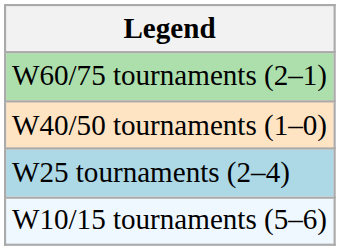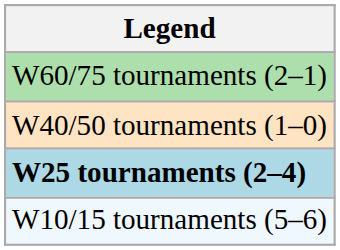 <table class=wikitable style="font-size:85%">
 <tr>
 <th>Legend</th>
 </tr>
 <tr style="background:#addfad;">
 <td>W60/75 tournaments (2–1)</td>
 </tr>
 <tr style="background:#ffe4c4;">
 <td>W40/50 tournaments (1–0)</td>
 </tr>
 <tr style="background:lightblue;">
-<td>W25 tournaments (2–4)</td>
+<td><strong>W25 tournaments (2–4)</strong></td>
 </tr>
 <tr style="background:#f0f8ff;">
 <td>W10/15 tournaments (5–6)</td>
 </tr>
 </table>
